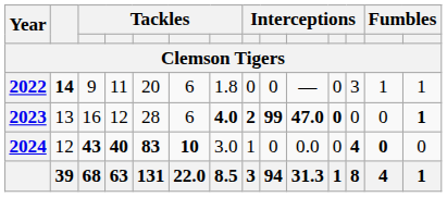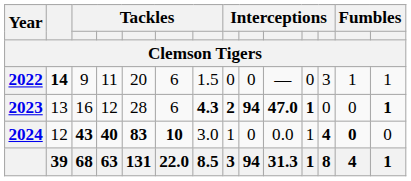 <table class="wikitable sortable" style="text-align:center;">
 <tr>
 <th rowspan="2">Year</th>
 <th colspan="1" rowspan="2"></th>
 <th colspan="5">Tackles</th>
 <th colspan="5">Interceptions</th>
 <th colspan="2">Fumbles</th>
 </tr>
 <tr>
 <th></th>
 <th></th>
 <th></th>
 <th></th>
 <th></th>
 <th></th>
 <th></th>
 <th></th>
 <th></th>
 <th></th>
 <th></th>
 <th></th>
 </tr>
 <tr>
 <th colspan="14">Clemson Tigers</th>
 </tr>
 <tr>
 <th><a href='#'>2022</a></th>
 <td><strong>14</strong></td>
 <td>9</td>
 <td>11</td>
 <td>20</td>
 <td>6</td>
-<td>1.8</td>
+<td>1.5</td>
 <td>0</td>
 <td>0</td>
 <td>—</td>
 <td>0</td>
 <td>3</td>
 <td>1</td>
 <td>1</td>
 </tr>
 <tr>
 <th><a href='#'>2023</a></th>
 <td>13</td>
 <td>16</td>
 <td>12</td>
 <td>28</td>
 <td>6</td>
-<td><strong>4.0</strong></td>
+<td><strong>4.3</strong></td>
 <td><strong>2</strong></td>
-<td><strong>99</strong></td>
+<td><strong>94</strong></td>
 <td><strong>47.0</strong></td>
-<td><strong>0</strong></td>
+<td><strong>1</strong></td>
 <td>0</td>
 <td>0</td>
 <td><strong>1</strong></td>
 </tr>
 <tr>
 <th><a href='#'>2024</a></th>
 <td>12</td>
 <td><strong>43</strong></td>
 <td><strong>40</strong></td>
 <td><strong>83</strong></td>
 <td><strong>10</strong></td>
 <td>3.0</td>
 <td>1</td>
 <td>0</td>
 <td>0.0</td>
-<td>0</td>
+<td>1</td>
 <td><strong>4</strong></td>
 <td><strong>0</strong></td>
 <td>0</td>
 </tr>
 <tr>
 <th></th>
 <th>39</th>
 <th>68</th>
 <th>63</th>
 <th>131</th>
 <th>22.0</th>
 <th>8.5</th>
 <th>3</th>
 <th>94</th>
 <th>31.3</th>
 <th>1</th>
 <th>8</th>
 <th>4</th>
 <th>1</th>
 </tr>
 </table>
